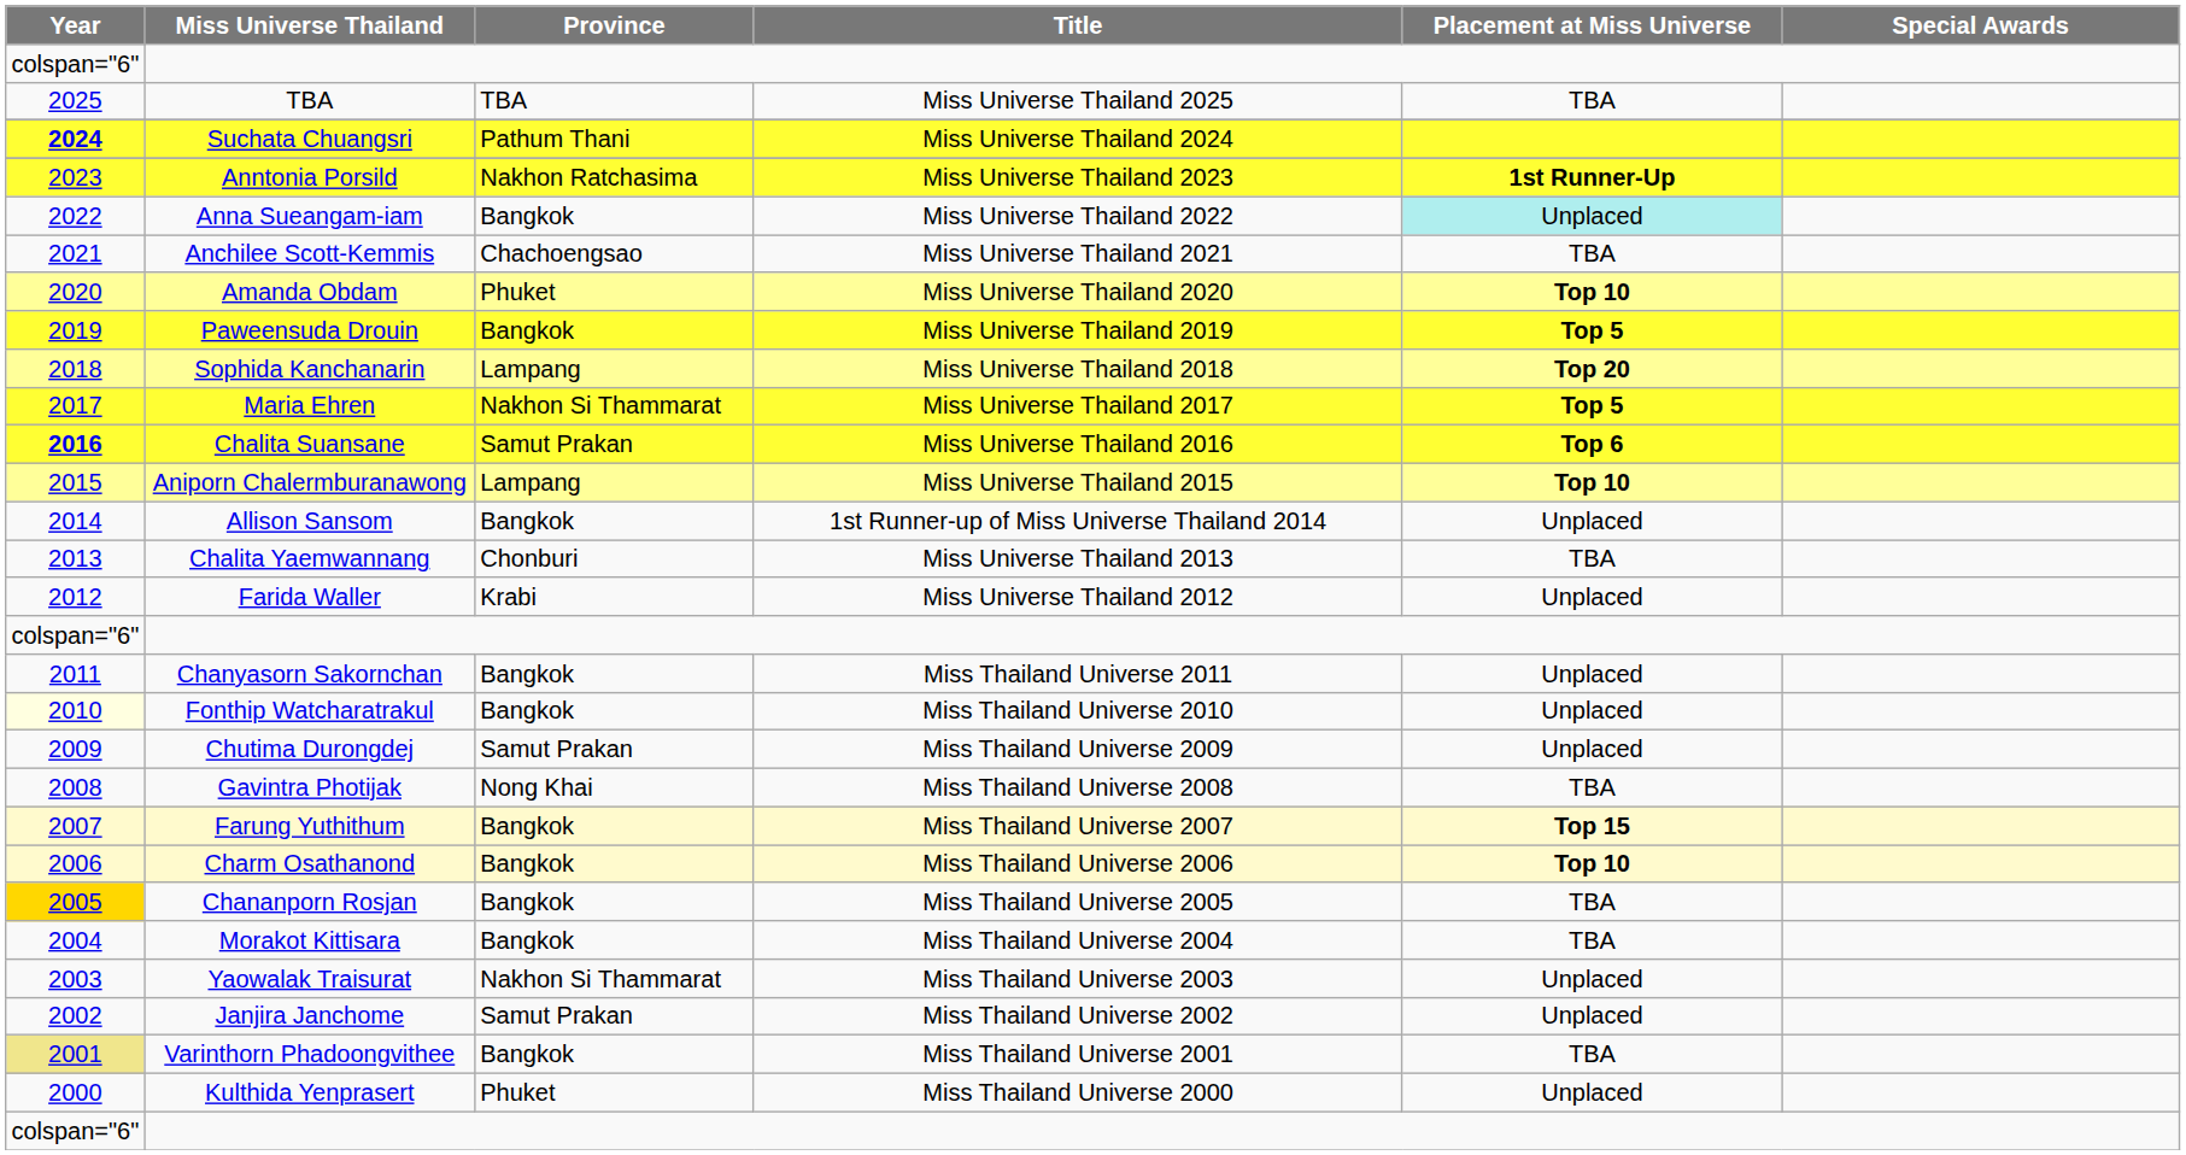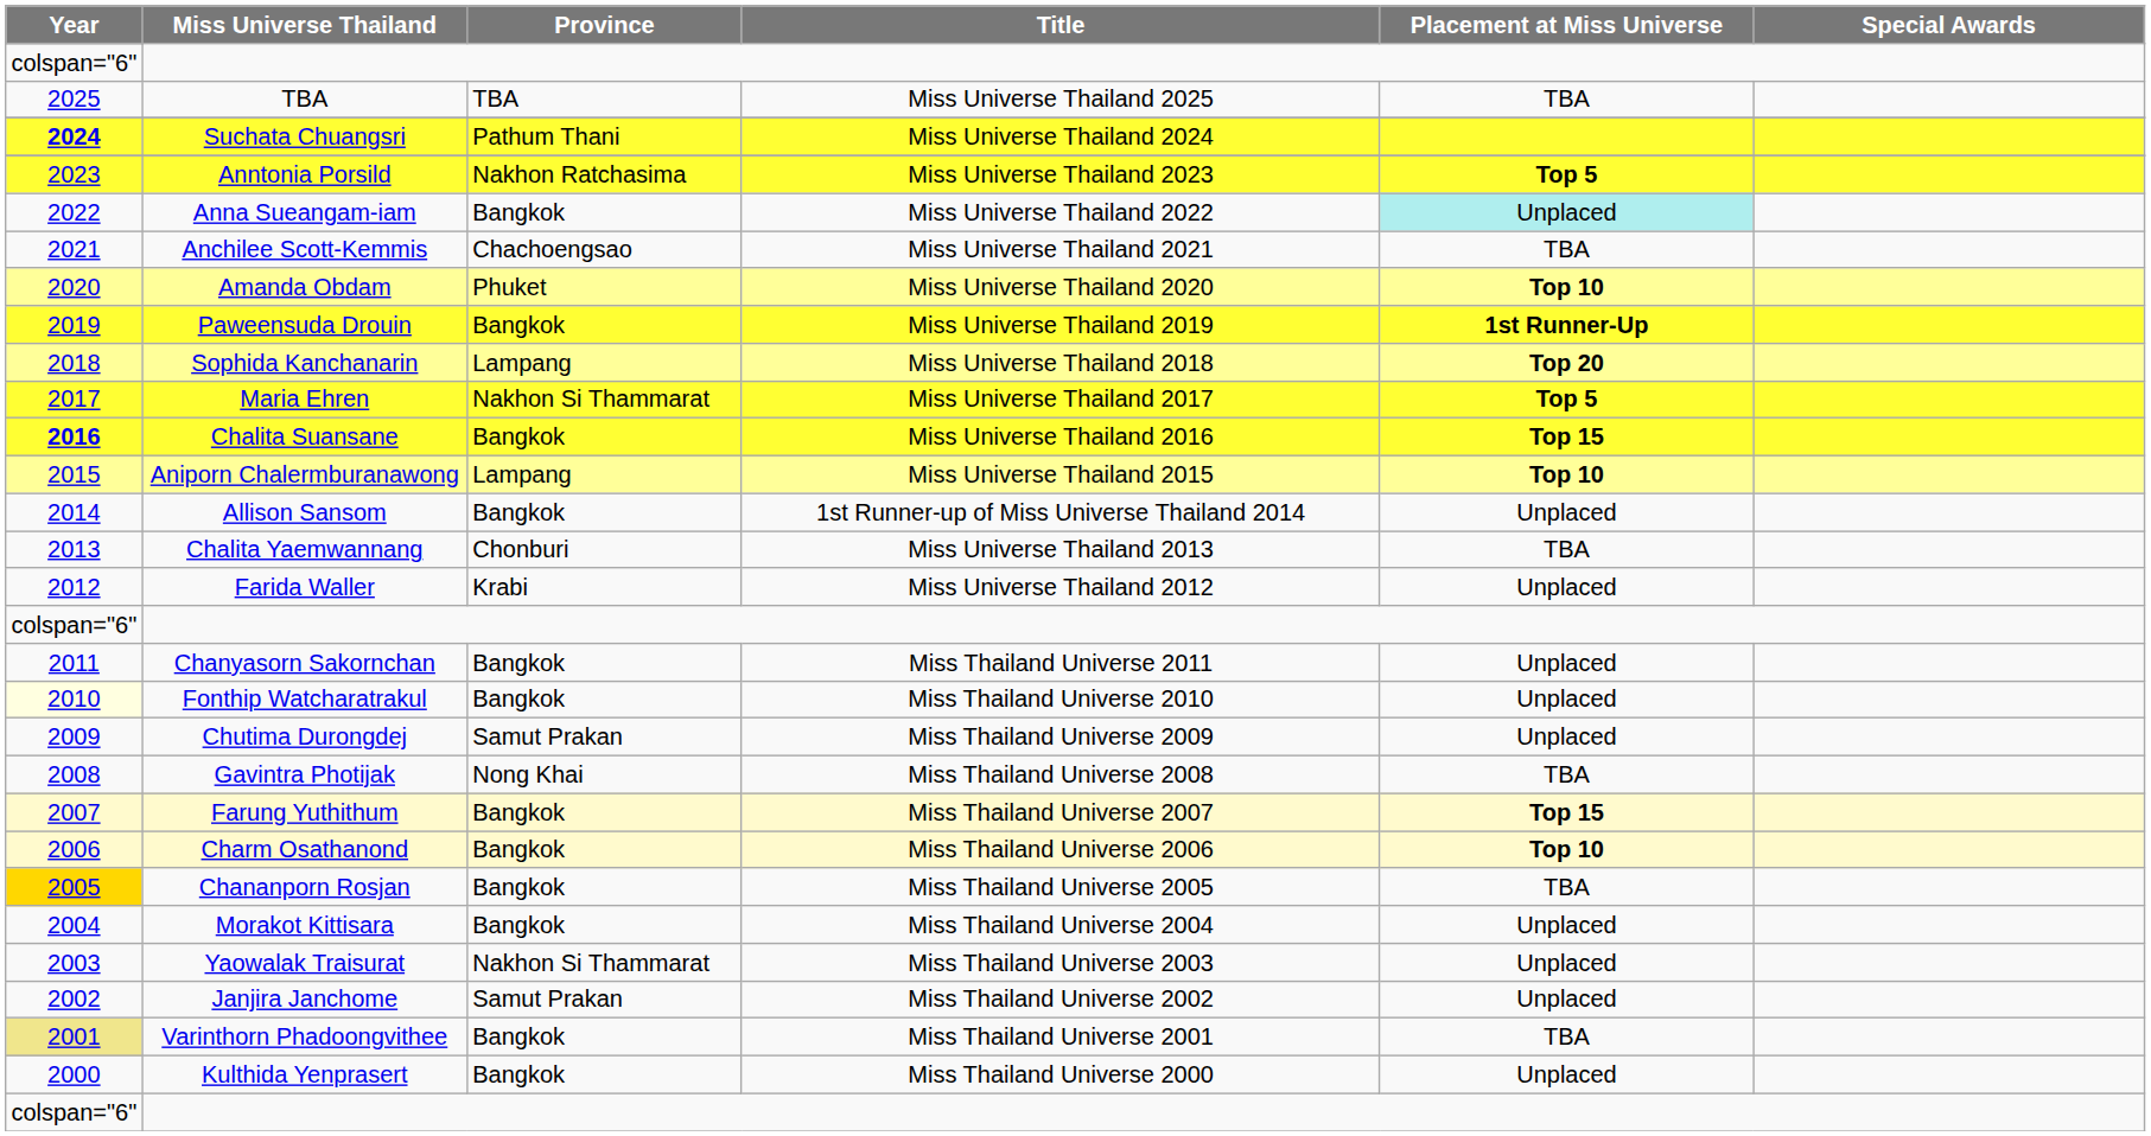 <table class="wikitable sortable" style="font-size: 90%; text-align:center">
 <tr>
 <th width="20" style="background-color:#787878;color:#FFFFFF;">Year</th>
 <th width="190" style="background-color:#787878;color:#FFFFFF;">Miss Universe Thailand</th>
 <th width="160" style="background-color:#787878;color:#FFFFFF;">Province</th>
 <th width="380" style="background-color:#787878;color:#FFFFFF;">Title</th>
 <th width="220" style="background-color:#787878;color:#FFFFFF;">Placement at Miss Universe</th>
 <th width="230" style="background-color:#787878;color:#FFFFFF;">Special Awards</th>
 </tr>
 <tr>
 </tr>
 <tr>
 <td>colspan="6" </td>
 </tr>
 <tr>
 <td><a href='#'>2025</a></td>
 <td>TBA</td>
 <td style="text-align:left">TBA</td>
 <td>Miss Universe Thailand 2025</td>
 <td>TBA</td>
 <td></td>
 </tr>
 <tr>
 </tr>
 <tr style="background-color:#FFFF33">
 <td><strong><a href='#'>2024</a></strong></td>
 <td><a href='#'>Suchata Chuangsri</a></td>
 <td style="text-align:left">Pathum Thani</td>
 <td>Miss Universe Thailand 2024</td>
 <td style="background:;"></td>
 <td style="background:;"></td>
 </tr>
 <tr>
 </tr>
 <tr style="background-color:#FFFF33">
 <td><a href='#'>2023</a></td>
 <td><a href='#'>Anntonia Porsild</a></td>
 <td style="text-align:left">Nakhon Ratchasima</td>
 <td>Miss Universe Thailand 2023</td>
-<td><strong>1st Runner-Up</strong></td>
+<td style="text-align:center"><strong>Top 5</strong></td>
 <td></td>
 </tr>
 <tr>
 <td><a href='#'>2022</a></td>
 <td><a href='#'>Anna Sueangam-iam</a></td>
 <td style="text-align:left">Bangkok</td>
 <td>Miss Universe Thailand 2022</td>
 <td style="background: paleturquoise; text-align:center">Unplaced</td>
 <td style="background:;"></td>
 </tr>
 <tr>
 <td><a href='#'>2021</a></td>
 <td><a href='#'>Anchilee Scott-Kemmis</a></td>
 <td style="text-align:left">Chachoengsao</td>
 <td>Miss Universe Thailand 2021</td>
 <td>TBA</td>
 <td></td>
 </tr>
 <tr style="background-color:#FFFF99;">
 <td><a href='#'>2020</a></td>
 <td><a href='#'>Amanda Obdam</a></td>
 <td style="text-align:left">Phuket</td>
 <td>Miss Universe Thailand 2020</td>
 <td style="text-align:center"><strong>Top 10</strong></td>
 <td></td>
 </tr>
 <tr style="background-color:#FFFF33;">
 <td><a href='#'>2019</a></td>
 <td><a href='#'>Paweensuda Drouin</a></td>
 <td style="text-align:left">Bangkok</td>
 <td>Miss Universe Thailand 2019</td>
-<td style="text-align:center"><strong>Top 5</strong></td>
+<td><strong>1st Runner-Up</strong></td>
 <td></td>
 </tr>
 <tr style="background-color:#FFFF99;">
 <td><a href='#'>2018</a></td>
 <td><a href='#'>Sophida Kanchanarin</a></td>
 <td style="text-align:left">Lampang</td>
 <td>Miss Universe Thailand 2018</td>
 <td style="text-align:center"><strong>Top 20</strong></td>
 <td></td>
 </tr>
 <tr style="background-color:#FFFF33;">
 <td><a href='#'>2017</a></td>
 <td><a href='#'>Maria Ehren</a></td>
 <td style="text-align:left">Nakhon Si Thammarat</td>
 <td>Miss Universe Thailand 2017</td>
 <td style="text-align:center"><strong>Top 5</strong></td>
 <td></td>
 </tr>
 <tr style="background-color:#FFFF33;">
 <td><strong><a href='#'>2016</a></strong></td>
 <td><a href='#'>Chalita Suansane</a></td>
-<td style="text-align:left">Samut Prakan</td>
+<td style="text-align:left">Bangkok</td>
 <td>Miss Universe Thailand 2016</td>
-<td style="text-align:center"><strong>Top 6</strong></td>
+<td style="text-align:center"><strong>Top 15</strong></td>
 <td style="background:;"></td>
 </tr>
 <tr style="background-color:#FFFF99;">
 <td><a href='#'>2015</a></td>
 <td><a href='#'>Aniporn Chalermburanawong</a></td>
 <td style="text-align:left">Lampang</td>
 <td>Miss Universe Thailand 2015</td>
 <td style="text-align:center"><strong>Top 10</strong></td>
 <td style="background:;"></td>
 </tr>
 <tr>
 <td><a href='#'>2014</a></td>
 <td><a href='#'>Allison Sansom</a></td>
 <td style="text-align:left">Bangkok</td>
 <td>1st Runner-up of Miss Universe Thailand 2014</td>
 <td style="text-align:center">Unplaced</td>
 <td></td>
 </tr>
 <tr>
 <td><a href='#'>2013</a></td>
 <td><a href='#'>Chalita Yaemwannang</a></td>
 <td style="text-align:left">Chonburi</td>
 <td>Miss Universe Thailand 2013</td>
 <td>TBA</td>
 <td></td>
 </tr>
 <tr>
 <td><a href='#'>2012</a></td>
 <td><a href='#'>Farida Waller</a></td>
 <td style="text-align:left">Krabi</td>
 <td>Miss Universe Thailand 2012</td>
 <td style="text-align:center">Unplaced</td>
 <td></td>
 </tr>
 <tr>
 <td>colspan="6" </td>
 </tr>
 <tr>
 <td><a href='#'>2011</a></td>
 <td><a href='#'>Chanyasorn Sakornchan</a></td>
 <td style="text-align:left">Bangkok</td>
 <td>Miss Thailand Universe 2011</td>
 <td style="text-align:center">Unplaced</td>
 <td style="background:;"></td>
 </tr>
 <tr>
 <td style="background: lightyellow;"><a href='#'>2010</a></td>
 <td><a href='#'>Fonthip Watcharatrakul</a></td>
 <td style="text-align:left">Bangkok</td>
 <td>Miss Thailand Universe 2010</td>
 <td style="text-align:center">Unplaced</td>
 <td style="background:;"></td>
 </tr>
 <tr>
 <td><a href='#'>2009</a></td>
 <td><a href='#'>Chutima Durongdej</a></td>
 <td style="text-align:left">Samut Prakan</td>
 <td>Miss Thailand Universe 2009</td>
 <td style="text-align:center">Unplaced</td>
 <td style="background:;"></td>
 </tr>
 <tr>
 <td><a href='#'>2008</a></td>
 <td><a href='#'>Gavintra Photijak</a></td>
 <td style="text-align:left">Nong Khai</td>
 <td>Miss Thailand Universe 2008</td>
 <td>TBA</td>
 <td style="background:;"></td>
 </tr>
 <tr style="background-color:#FFFACD;">
 <td><a href='#'>2007</a></td>
 <td><a href='#'>Farung Yuthithum</a></td>
 <td style="text-align:left">Bangkok</td>
 <td>Miss Thailand Universe 2007</td>
 <td style="text-align:center"><strong>Top 15</strong></td>
 <td></td>
 </tr>
 <tr style="background-color:#FFFACD;">
 <td><a href='#'>2006</a></td>
 <td><a href='#'>Charm Osathanond</a></td>
 <td style="text-align:left">Bangkok</td>
 <td>Miss Thailand Universe 2006</td>
 <td style="text-align:center"><strong>Top 10</strong></td>
 <td></td>
 </tr>
 <tr>
 <td style="background: gold;"><a href='#'>2005</a></td>
 <td><a href='#'>Chananporn Rosjan</a></td>
 <td style="text-align:left">Bangkok</td>
 <td>Miss Thailand Universe 2005</td>
 <td>TBA</td>
 <td style="background:;"></td>
 </tr>
 <tr>
 <td><a href='#'>2004</a></td>
 <td><a href='#'>Morakot Kittisara</a></td>
 <td style="text-align:left">Bangkok</td>
 <td>Miss Thailand Universe 2004</td>
-<td>TBA</td>
+<td style="text-align:center">Unplaced</td>
 <td></td>
 </tr>
 <tr>
 <td><a href='#'>2003</a></td>
 <td><a href='#'>Yaowalak Traisurat</a></td>
 <td style="text-align:left">Nakhon Si Thammarat</td>
 <td>Miss Thailand Universe 2003</td>
 <td style="text-align:center">Unplaced</td>
 <td></td>
 </tr>
 <tr>
 <td><a href='#'>2002</a></td>
 <td><a href='#'>Janjira Janchome</a></td>
 <td style="text-align:left">Samut Prakan</td>
 <td>Miss Thailand Universe 2002</td>
 <td style="text-align:center">Unplaced</td>
 <td></td>
 </tr>
 <tr>
 <td style="background: khaki;"><a href='#'>2001</a></td>
 <td><a href='#'>Varinthorn Phadoongvithee</a></td>
 <td style="text-align:left">Bangkok</td>
 <td>Miss Thailand Universe 2001</td>
 <td>TBA</td>
 <td></td>
 </tr>
 <tr>
 <td><a href='#'>2000</a></td>
 <td><a href='#'>Kulthida Yenprasert</a></td>
-<td style="text-align:left">Phuket</td>
+<td style="text-align:left">Bangkok</td>
 <td>Miss Thailand Universe 2000</td>
 <td style="text-align:center">Unplaced</td>
 <td></td>
 </tr>
 <tr>
 <td>colspan="6" </td>
 </tr>
 </table>
